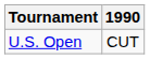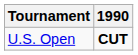 <table class="wikitable" style="font-size:95%;text-align:center;">
 <tr>
 <th>Tournament</th>
 <th>1990</th>
 </tr>
 <tr>
 <td align=left><a href='#'>U.S. Open</a></td>
-<td>CUT</td>
+<td><strong>CUT</strong></td>
 </tr>
 </table>
